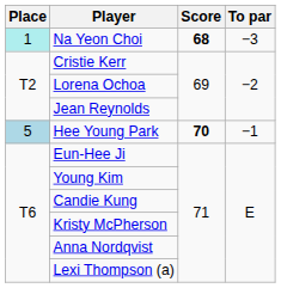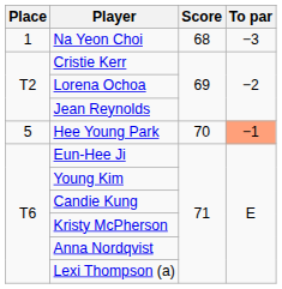 <table class="wikitable">
 <tr>
 <th>Place</th>
 <th>Player</th>
 <th>Score</th>
 <th>To par</th>
 </tr>
 <tr>
-<td align=center style="background: paleturquoise;">1</td>
+<td align=center>1</td>
 <td> <a href='#'>Na Yeon Choi</a></td>
-<td align=center><strong>68</strong></td>
+<td align=center>68</td>
 <td align=center>−3</td>
 </tr>
 <tr>
 <td align=center rowspan=3>T2</td>
 <td> <a href='#'>Cristie Kerr</a></td>
 <td align=center rowspan=3>69</td>
 <td align=center rowspan=3>−2</td>
 </tr>
 <tr>
 <td> <a href='#'>Lorena Ochoa</a></td>
 </tr>
 <tr>
 <td> <a href='#'>Jean Reynolds</a></td>
 </tr>
 <tr>
-<td align=center style="background: lightblue;">5</td>
+<td align=center>5</td>
 <td> <a href='#'>Hee Young Park</a></td>
-<td align=center><strong>70</strong></td>
-<td align=center>−1</td>
+<td align=center>70</td>
+<td align=center style="background: lightsalmon;">−1</td>
 </tr>
 <tr>
 <td align=center rowspan=6>T6</td>
 <td> <a href='#'>Eun-Hee Ji</a></td>
 <td rowspan=6 align=center>71</td>
 <td align=center rowspan=6>E</td>
 </tr>
 <tr>
 <td> <a href='#'>Young Kim</a></td>
 </tr>
 <tr>
 <td> <a href='#'>Candie Kung</a></td>
 </tr>
 <tr>
 <td> <a href='#'>Kristy McPherson</a></td>
 </tr>
 <tr>
 <td> <a href='#'>Anna Nordqvist</a></td>
 </tr>
 <tr>
 <td> <a href='#'>Lexi Thompson</a> (a)</td>
 </tr>
 </table>
